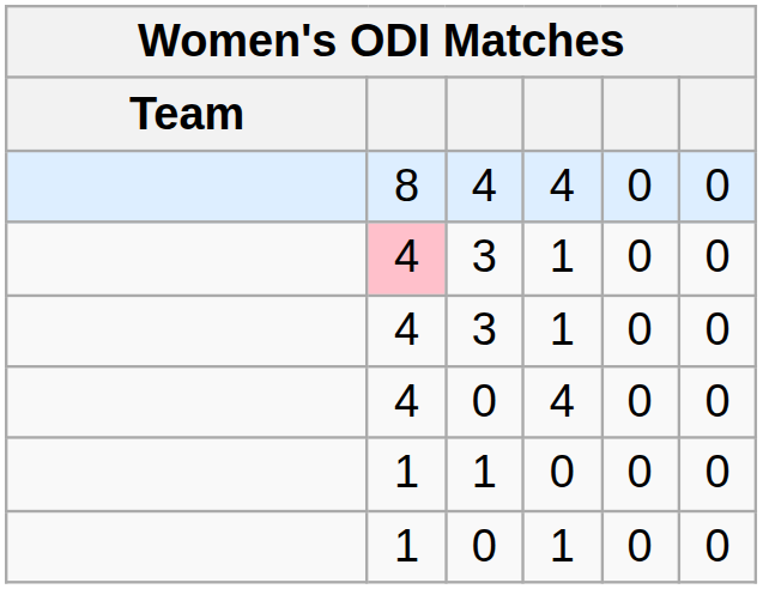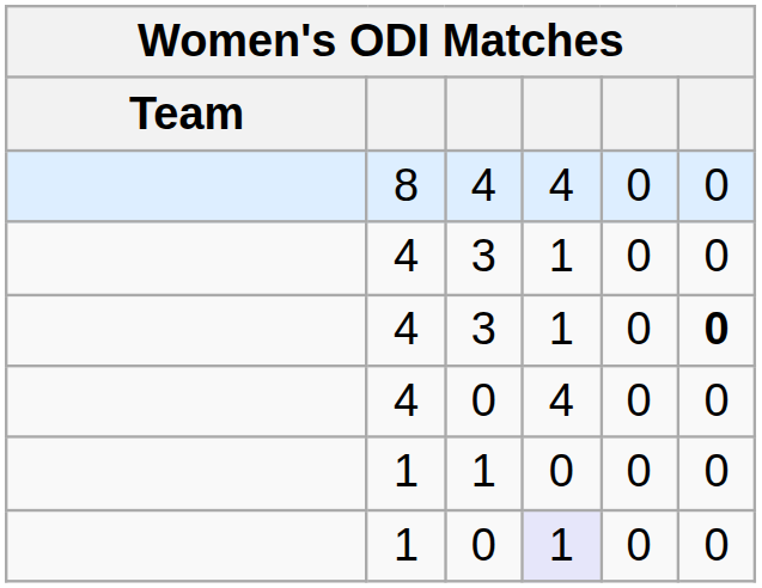 <table class="wikitable" style="text-align:center">
 <tr>
 <th colspan=6>Women's ODI Matches</th>
 </tr>
 <tr>
 <th width=120>Team</th>
 <th width=20></th>
 <th width=20></th>
 <th width=20></th>
 <th width=20></th>
 <th width=20></th>
 </tr>
 <tr bgcolor="#ddeeff">
 <td align="left"></td>
 <td>8</td>
 <td>4</td>
 <td>4</td>
 <td>0</td>
 <td>0</td>
 </tr>
 <tr>
 <td align="left"></td>
-<td style="background: pink;">4</td>
+<td>4</td>
 <td>3</td>
 <td>1</td>
 <td>0</td>
 <td>0</td>
 </tr>
 <tr>
 <td align="left"></td>
 <td>4</td>
 <td>3</td>
 <td>1</td>
 <td>0</td>
-<td>0</td>
+<td><strong>0</strong></td>
 </tr>
 <tr>
 <td align="left"></td>
 <td>4</td>
 <td>0</td>
 <td>4</td>
 <td>0</td>
 <td>0</td>
 </tr>
 <tr>
 <td align="left"></td>
 <td>1</td>
 <td>1</td>
 <td>0</td>
 <td>0</td>
 <td>0</td>
 </tr>
 <tr>
 <td align="left"></td>
 <td>1</td>
 <td>0</td>
-<td>1</td>
+<td style="background: lavender;">1</td>
 <td>0</td>
 <td>0</td>
 </tr>
 </table>
